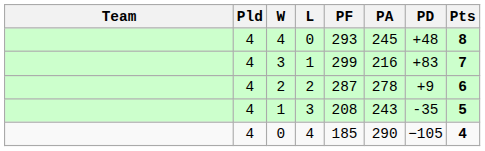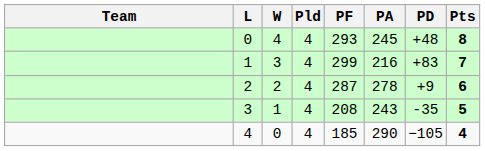 <table class="wikitable" style="text-align:center;">
 <tr>
 <th width=200>Team</th>
+<th width=20>L</th>
+<th width=20>W</th>
 <th width=20>Pld</th>
-<th width=20>W</th>
-<th width=20>L</th>
 <th width=30>PF</th>
 <th width=30>PA</th>
 <th width=30>PD</th>
 <th width=20>Pts</th>
 </tr>
 <tr bgcolor=ccffcc>
 <td align=left></td>
+<td>0</td>
 <td>4</td>
 <td>4</td>
-<td>0</td>
 <td>293</td>
 <td>245</td>
 <td>+48</td>
 <td><strong>8</strong></td>
 </tr>
 <tr bgcolor=ccffcc>
 <td align=left></td>
+<td>1</td>
+<td>3</td>
 <td>4</td>
-<td>3</td>
-<td>1</td>
 <td>299</td>
 <td>216</td>
 <td>+83</td>
 <td><strong>7</strong></td>
 </tr>
 <tr bgcolor=ccffcc>
 <td align=left></td>
-<td>4</td>
 <td>2</td>
 <td>2</td>
+<td>4</td>
 <td>287</td>
 <td>278</td>
 <td>+9</td>
 <td><strong>6</strong></td>
 </tr>
 <tr bgcolor=ccffcc>
 <td align=left></td>
+<td>3</td>
+<td>1</td>
 <td>4</td>
-<td>1</td>
-<td>3</td>
 <td>208</td>
 <td>243</td>
 <td>-35</td>
 <td><strong>5</strong></td>
 </tr>
 <tr>
 <td align=left></td>
 <td>4</td>
 <td>0</td>
 <td>4</td>
 <td>185</td>
 <td>290</td>
 <td>−105</td>
 <td><strong>4</strong></td>
 </tr>
 </table>
